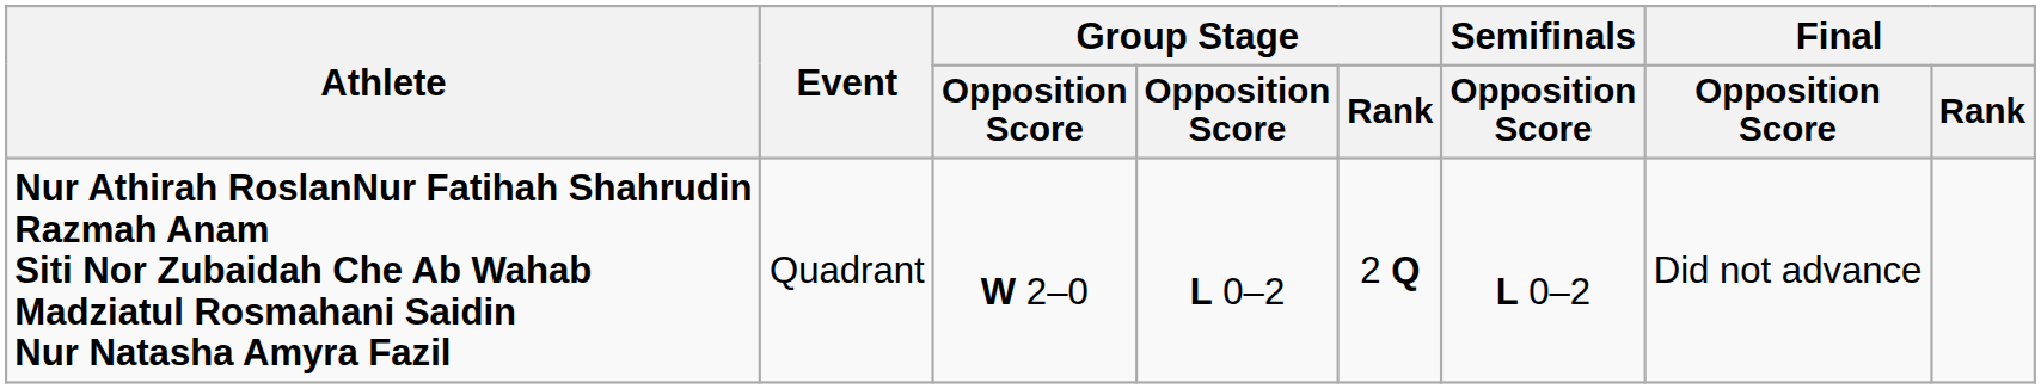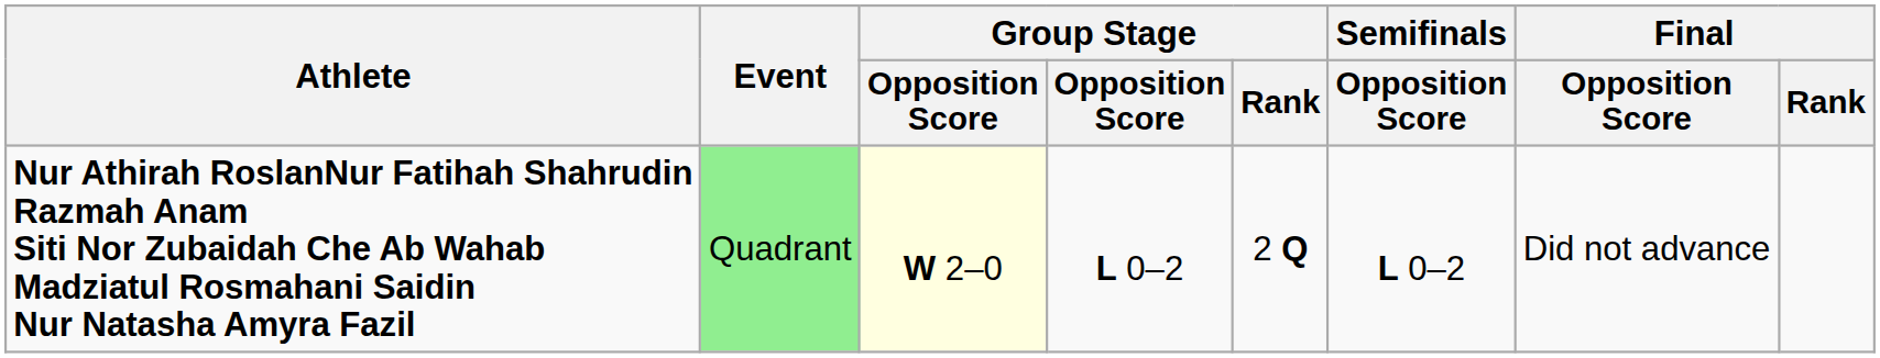 <table class="wikitable" style="font-size:90%">
 <tr>
 <th rowspan="2">Athlete</th>
 <th rowspan="2">Event</th>
 <th colspan="3">Group Stage</th>
 <th>Semifinals</th>
 <th colspan="2">Final</th>
 </tr>
 <tr style="font-size:95%">
 <th>Opposition<br>Score</th>
 <th>Opposition<br>Score</th>
 <th>Rank</th>
 <th>Opposition<br>Score</th>
 <th>Opposition<br>Score</th>
 <th>Rank</th>
 </tr>
 <tr align="center">
 <td align="left"><strong>Nur Athirah RoslanNur Fatihah Shahrudin<br>Razmah Anam<br>Siti Nor Zubaidah Che Ab Wahab<br>Madziatul Rosmahani Saidin<br>Nur Natasha Amyra Fazil</strong></td>
-<td align="left">Quadrant</td>
-<td><br><strong>W</strong> 2–0</td>
+<td align="left" style="background: lightgreen;">Quadrant</td>
+<td style="background: lightyellow;"><br><strong>W</strong> 2–0</td>
 <td><br><strong>L</strong> 0–2</td>
 <td>2 <strong>Q</strong></td>
 <td><br><strong>L</strong> 0–2</td>
 <td>Did not advance</td>
 <td></td>
 </tr>
 </table>
